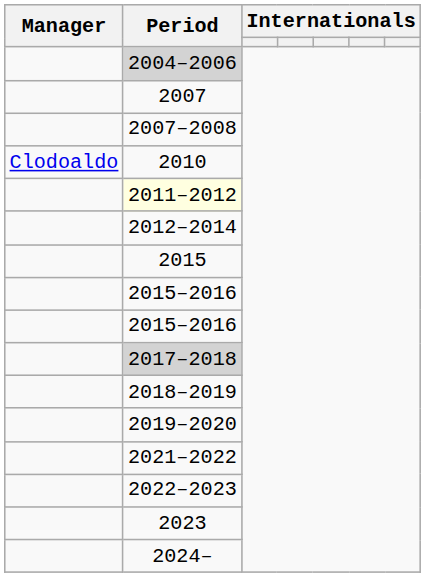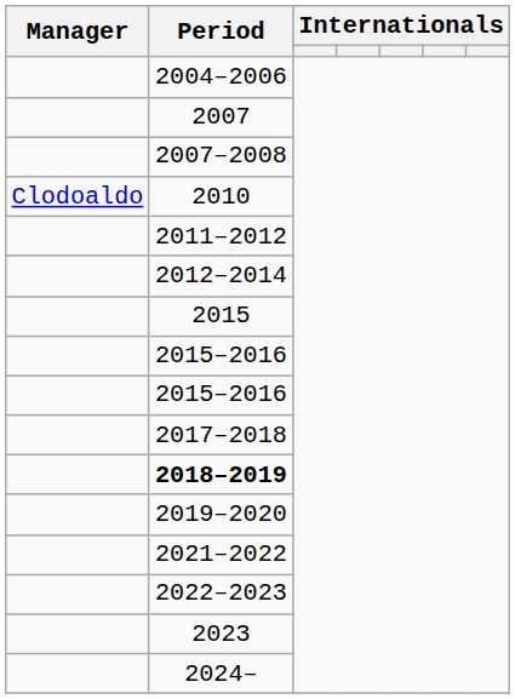 <table class="wikitable sortable collapsible collapsed" style="text-align:center;">
 <tr>
 <th rowspan="2">Manager</th>
 <th rowspan="2">Period</th>
 <th colspan="5">Internationals</th>
 </tr>
 <tr>
 <th></th>
 <th></th>
 <th></th>
 <th></th>
 <th></th>
 </tr>
 <tr>
 <td style="text-align: left;"> </td>
-<td style="background: lightgrey;">2004–2006<br></td>
+<td>2004–2006<br></td>
 </tr>
 <tr>
 <td style="text-align: left;"> </td>
 <td>2007<br></td>
 </tr>
 <tr>
 <td style="text-align: left;"> </td>
 <td>2007–2008<br></td>
 </tr>
 <tr>
 <td style="text-align: left;"> <a href='#'>Clodoaldo</a></td>
 <td>2010<br></td>
 </tr>
 <tr>
 <td style="text-align: left;"> </td>
-<td style="background: lightyellow;">2011–2012<br></td>
+<td>2011–2012<br></td>
 </tr>
 <tr>
 <td style="text-align: left;"> </td>
 <td>2012–2014<br></td>
 </tr>
 <tr>
 <td style="text-align: left;"> </td>
 <td>2015<br></td>
 </tr>
 <tr>
 <td style="text-align: left;"> </td>
 <td>2015–2016<br></td>
 </tr>
 <tr>
 <td style="text-align: left;"> </td>
 <td>2015–2016<br></td>
 </tr>
 <tr>
 <td style="text-align: left;"> </td>
-<td style="background: lightgrey;">2017–2018<br></td>
+<td>2017–2018<br></td>
 </tr>
 <tr>
 <td style="text-align: left;"> </td>
-<td>2018–2019<br></td>
+<td><strong>2018–2019<br></strong></td>
 </tr>
 <tr>
 <td style="text-align: left;"> </td>
 <td>2019–2020<br></td>
 </tr>
 <tr>
 <td style="text-align: left;"> </td>
 <td>2021–2022<br></td>
 </tr>
 <tr>
 <td style="text-align: left;"> </td>
 <td>2022–2023<br></td>
 </tr>
 <tr>
 <td style="text-align: left;"> </td>
 <td>2023<br></td>
 </tr>
 <tr>
 <td style="text-align: left;"> </td>
 <td>2024–<br></td>
 </tr>
 </table>
